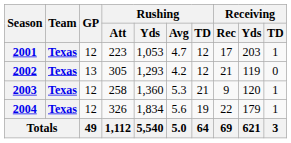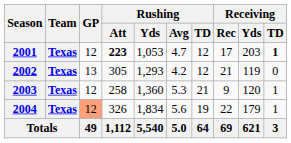 <table class="wikitable" style="text-align:center;">
 <tr>
 <th rowspan="2">Season</th>
 <th rowspan="2">Team</th>
 <th rowspan="2">GP</th>
 <th colspan="4">Rushing</th>
 <th colspan="3">Receiving</th>
 </tr>
 <tr>
 <th>Att</th>
 <th>Yds</th>
 <th>Avg</th>
 <th>TD</th>
 <th>Rec</th>
 <th>Yds</th>
 <th>TD</th>
 </tr>
 <tr>
 <th><a href='#'>2001</a></th>
 <th><a href='#'>Texas</a></th>
 <td>12</td>
-<td>223</td>
+<td><strong>223</strong></td>
 <td>1,053</td>
 <td>4.7</td>
 <td>12</td>
 <td>17</td>
 <td>203</td>
-<td>1</td>
+<td><strong>1</strong></td>
 </tr>
 <tr>
 <th><a href='#'>2002</a></th>
 <th><a href='#'>Texas</a></th>
 <td>13</td>
 <td>305</td>
 <td>1,293</td>
 <td>4.2</td>
 <td>12</td>
 <td>21</td>
 <td>119</td>
 <td>0</td>
 </tr>
 <tr>
 <th><a href='#'>2003</a></th>
 <th><a href='#'>Texas</a></th>
 <td>12</td>
 <td>258</td>
 <td>1,360</td>
 <td>5.3</td>
 <td>21</td>
 <td>9</td>
 <td>120</td>
 <td>1</td>
 </tr>
 <tr>
 <th><a href='#'>2004</a></th>
 <th><a href='#'>Texas</a></th>
-<td>12</td>
+<td style="background: lightsalmon;">12</td>
 <td>326</td>
 <td>1,834</td>
 <td>5.6</td>
 <td>19</td>
 <td>22</td>
 <td>179</td>
 <td>1</td>
 </tr>
 <tr>
 <th colspan="2">Totals</th>
 <th>49</th>
 <th>1,112</th>
 <th>5,540</th>
 <th>5.0</th>
 <th>64</th>
 <th>69</th>
 <th>621</th>
 <th>3</th>
 </tr>
 </table>
